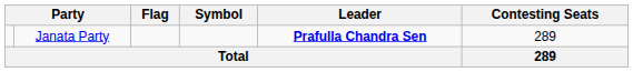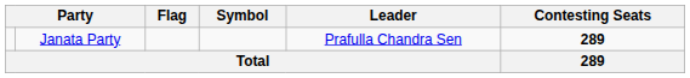 <table class="wikitable" width="60%" style="text-align:center">
 <tr>
 <th colspan="2">Party</th>
 <th>Flag</th>
 <th>Symbol</th>
 <th>Leader</th>
 <th>Contesting Seats</th>
 </tr>
 <tr>
 <td></td>
 <td><a href='#'>Janata Party</a></td>
 <td></td>
 <td></td>
-<td><strong><a href='#'>Prafulla Chandra Sen</a></strong></td>
-<td>289</td>
+<td><a href='#'>Prafulla Chandra Sen</a></td>
+<td><strong>289</strong></td>
 </tr>
 <tr>
 <th colspan=5>Total</th>
 <th>289</th>
 </tr>
 </table>
